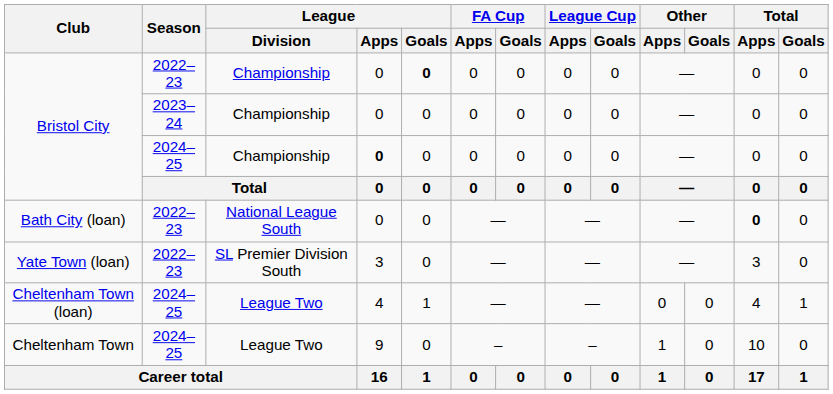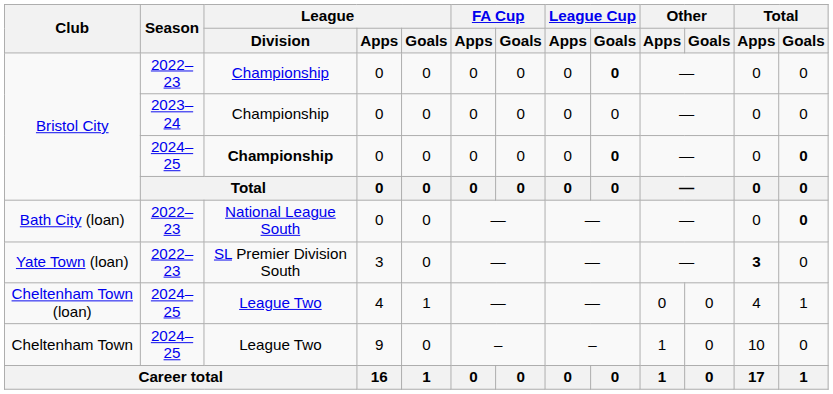 <table class=wikitable style=text-align:center>
 <tr>
 <th rowspan=2>Club</th>
 <th rowspan=2>Season</th>
 <th colspan=3>League</th>
 <th colspan=2><a href='#'>FA Cup</a></th>
 <th colspan=2><a href='#'>League Cup</a></th>
 <th colspan=2>Other</th>
 <th colspan=2>Total</th>
 </tr>
 <tr>
 <th>Division</th>
 <th>Apps</th>
 <th>Goals</th>
 <th>Apps</th>
 <th>Goals</th>
 <th>Apps</th>
 <th>Goals</th>
 <th>Apps</th>
 <th>Goals</th>
 <th>Apps</th>
 <th>Goals</th>
 </tr>
 <tr>
 <td rowspan="4"><a href='#'>Bristol City</a></td>
 <td><a href='#'>2022–23</a></td>
 <td><a href='#'>Championship</a></td>
 <td>0</td>
-<td><strong>0</strong></td>
 <td>0</td>
 <td>0</td>
 <td>0</td>
 <td>0</td>
+<td><strong>0</strong></td>
 <td colspan="2">—</td>
 <td>0</td>
 <td>0</td>
 </tr>
 <tr>
 <td><a href='#'>2023–24</a></td>
 <td>Championship</td>
 <td>0</td>
 <td>0</td>
 <td>0</td>
 <td>0</td>
 <td>0</td>
 <td>0</td>
 <td colspan="2">—</td>
 <td>0</td>
 <td>0</td>
 </tr>
 <tr>
 <td><a href='#'>2024–25</a></td>
-<td>Championship</td>
-<td><strong>0</strong></td>
+<td><strong>Championship</strong></td>
 <td>0</td>
 <td>0</td>
 <td>0</td>
 <td>0</td>
 <td>0</td>
+<td><strong>0</strong></td>
 <td colspan="2">—</td>
 <td>0</td>
-<td>0</td>
+<td><strong>0</strong></td>
 </tr>
 <tr>
 <th colspan="2">Total</th>
 <th>0</th>
 <th>0</th>
 <th>0</th>
 <th>0</th>
 <th>0</th>
 <th>0</th>
 <th colspan="2">—</th>
 <th>0</th>
 <th>0</th>
 </tr>
 <tr>
 <td><a href='#'>Bath City</a> (loan)</td>
 <td><a href='#'>2022–23</a></td>
 <td><a href='#'>National League South</a></td>
 <td>0</td>
 <td>0</td>
 <td colspan="2">—</td>
 <td colspan="2">—</td>
 <td colspan="2">—</td>
+<td>0</td>
 <td><strong>0</strong></td>
-<td>0</td>
 </tr>
 <tr>
 <td><a href='#'>Yate Town</a> (loan)</td>
 <td><a href='#'>2022–23</a></td>
 <td><a href='#'>SL</a> Premier Division South</td>
 <td>3</td>
 <td>0</td>
 <td colspan="2">—</td>
 <td colspan="2">—</td>
 <td colspan="2">—</td>
-<td>3</td>
+<td><strong>3</strong></td>
 <td>0</td>
 </tr>
 <tr>
 <td><a href='#'>Cheltenham Town</a> (loan)</td>
 <td><a href='#'>2024–25</a></td>
 <td><a href='#'>League Two</a></td>
 <td>4</td>
 <td>1</td>
 <td colspan="2">—</td>
 <td colspan="2">—</td>
 <td>0</td>
 <td>0</td>
 <td>4</td>
 <td>1</td>
 </tr>
 <tr>
 <td>Cheltenham Town</td>
 <td><a href='#'>2024–25</a></td>
 <td>League Two</td>
 <td>9</td>
 <td>0</td>
 <td colspan="2">–</td>
 <td colspan="2">–</td>
 <td>1</td>
 <td>0</td>
 <td>10</td>
 <td>0</td>
 </tr>
 <tr>
 <th colspan="3">Career total</th>
 <th>16</th>
 <th>1</th>
 <th>0</th>
 <th>0</th>
 <th>0</th>
 <th>0</th>
 <th>1</th>
 <th>0</th>
 <th>17</th>
 <th>1</th>
 </tr>
 </table>
